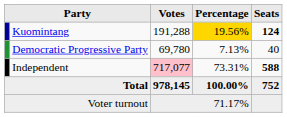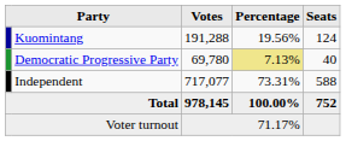 <table class="wikitable">
 <tr>
 <th style="background-color:#E9E9E9" colspan=2 style="width: 20em">Party</th>
 <th style="background-color:#E9E9E9" style="width: 7em">Votes</th>
 <th style="background-color:#E9E9E9" style="width: 7em">Percentage</th>
 <th style="background-color:#E9E9E9" style="width: 7em">Seats</th>
 </tr>
 <tr>
 <td bgcolor="#000099"></td>
 <td align=left><a href='#'>Kuomintang</a></td>
 <td align=right>191,288</td>
-<td align=right style="background: gold;">19.56%</td>
-<td align=right><strong>124</strong></td>
+<td align=right>19.56%</td>
+<td align=right>124</td>
 </tr>
 <tr>
 <td bgcolor="#1B9431"></td>
 <td align=left><a href='#'>Democratic Progressive Party</a></td>
 <td align=right>69,780</td>
-<td align=right>7.13%</td>
+<td align=right style="background: khaki;">7.13%</td>
 <td align=right>40</td>
 </tr>
 <tr>
 <td bgcolor="#000000"></td>
 <td align=left>Independent</td>
-<td align=right style="background: pink;">717,077</td>
+<td align=right>717,077</td>
 <td align=right>73.31%</td>
-<td align=right><strong>588</strong></td>
+<td align=right>588</td>
 </tr>
 <tr bgcolor="#EEEEEE">
 <td colspan="2" align="right"><strong>Total</strong></td>
 <td align=right><strong>978,145</strong></td>
 <td align=right><strong>100.00%</strong></td>
 <td align=right><strong>752</strong></td>
 </tr>
 <tr bgcolor="#EEEEEE">
 <td colspan="2" align="right">Voter turnout</td>
 <td colspan="2" align="right">71.17%</td>
 <td></td>
 </tr>
 </table>
